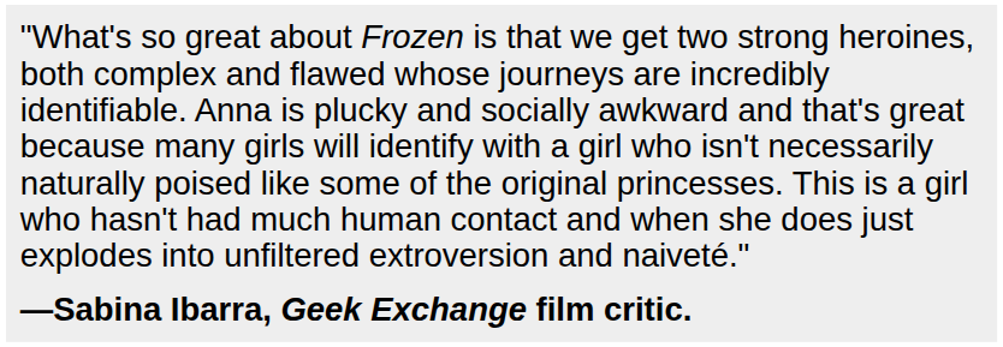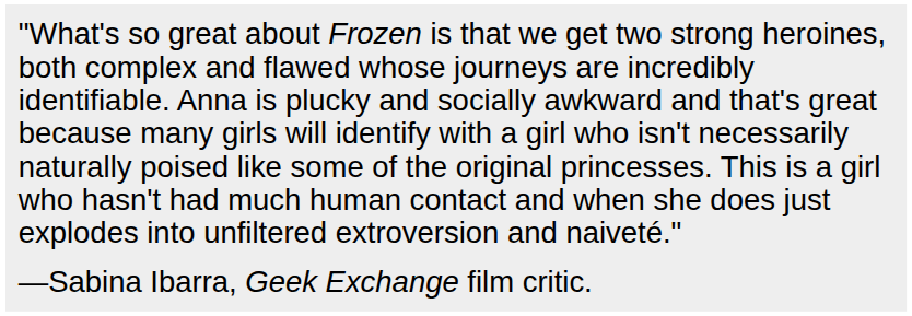 <table class="toccolours" style="float:right; margin-left:1em; margin-right:2em; font-size:85%; background:#eee; color:black; width:30em; max-width:40%;" cellspacing="5">
 <tr>
 <td style="text-align: left;">"What's so great about <em>Frozen</em> is that we get two strong heroines, both complex and flawed whose journeys are incredibly identifiable. Anna is plucky and socially awkward and that's great because many girls will identify with a girl who isn't necessarily naturally poised like some of the original princesses. This is a girl who hasn't had much human contact and when she does just explodes into unfiltered extroversion and naiveté."</td>
 </tr>
 <tr>
-<td style="text-align: left;"><strong>—Sabina Ibarra, <em>Geek Exchange</em> film critic.</strong></td>
+<td style="text-align: left;">—Sabina Ibarra, <em>Geek Exchange</em> film critic.</td>
 </tr>
 </table>
